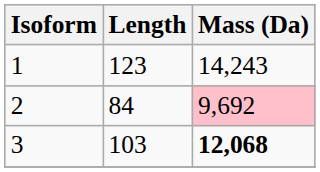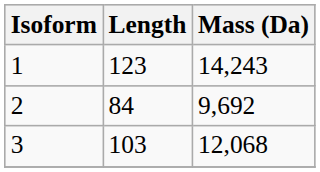 <table class="wikitable">
 <tr>
 <th>Isoform</th>
 <th>Length</th>
 <th>Mass (Da)</th>
 </tr>
 <tr>
 <td>1</td>
 <td>123</td>
 <td>14,243</td>
 </tr>
 <tr>
 <td>2</td>
 <td>84</td>
-<td style="background: pink;">9,692</td>
+<td>9,692</td>
 </tr>
 <tr>
 <td>3</td>
 <td>103</td>
-<td><strong>12,068</strong></td>
+<td>12,068</td>
 </tr>
 <tr>
 </tr>
 </table>
